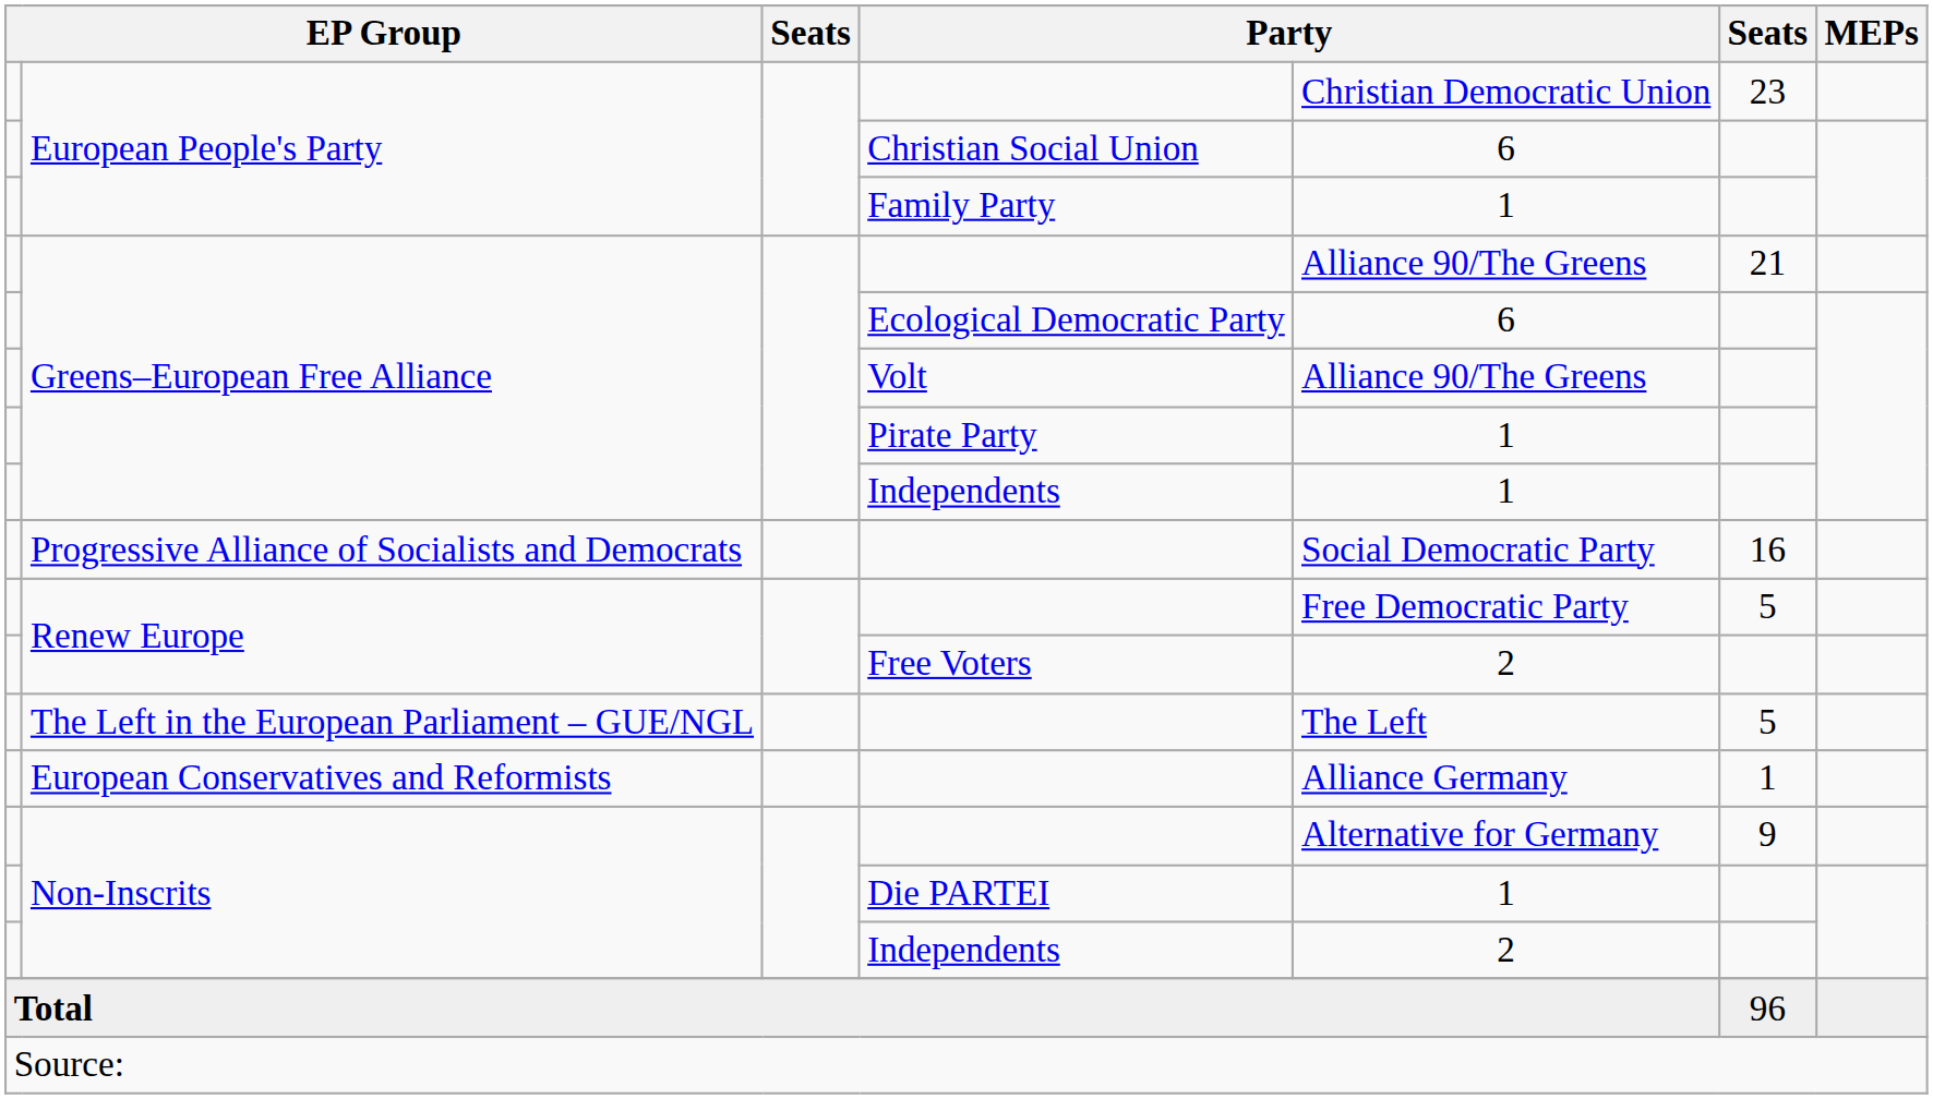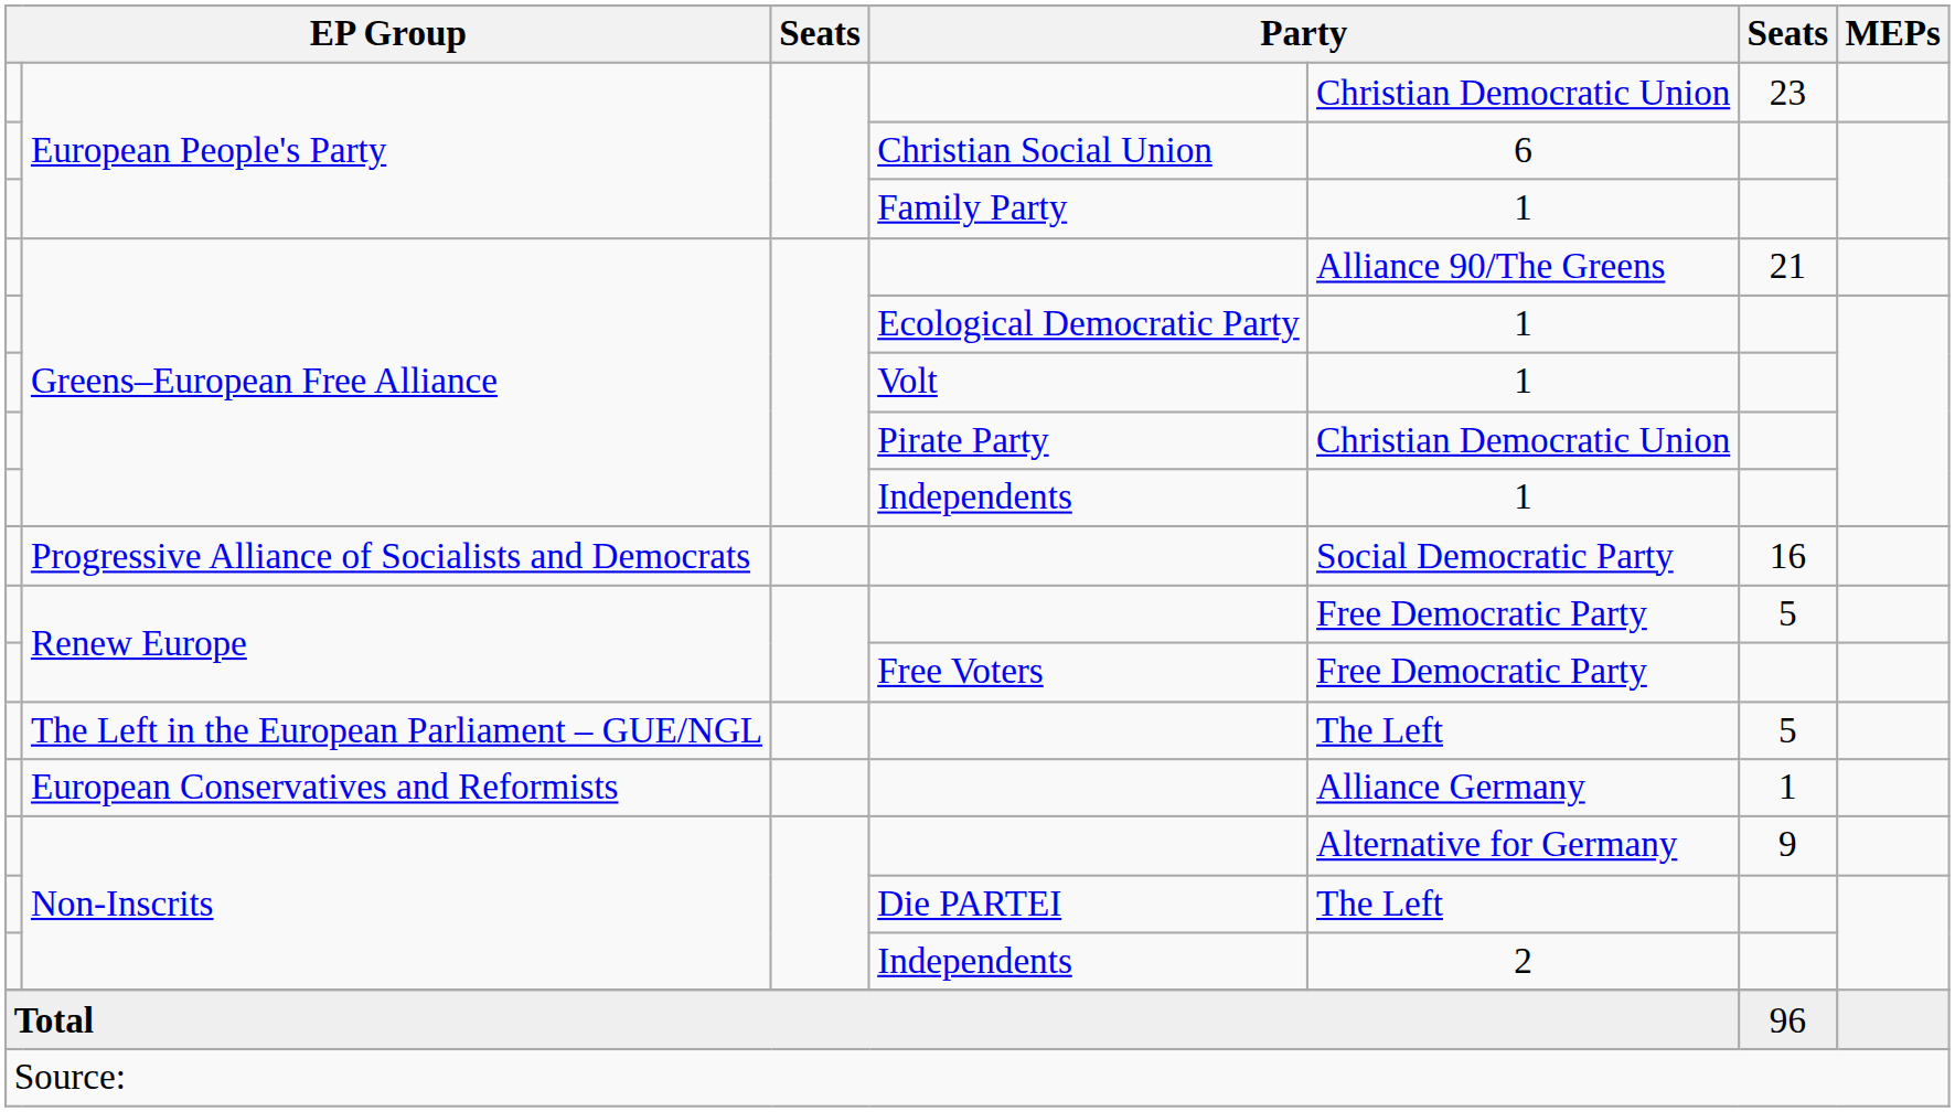 <table class="wikitable">
 <tr>
 <th colspan=2>EP Group</th>
 <th>Seats</th>
 <th colspan=2>Party</th>
 <th>Seats</th>
 <th>MEPs</th>
 </tr>
 <tr>
 <td></td>
 <td rowspan="3"><a href='#'>European People's Party</a></td>
 <td rowspan="3"></td>
 <td style="background:"></td>
 <td><a href='#'>Christian Democratic Union</a></td>
 <td align=center>23</td>
 <td></td>
 </tr>
 <tr>
 <td style="background:"></td>
 <td><a href='#'>Christian Social Union</a></td>
 <td align=center>6</td>
 <td></td>
 </tr>
 <tr>
 <td style="background:"></td>
 <td><a href='#'>Family Party</a></td>
 <td align=center>1</td>
 <td></td>
 </tr>
 <tr>
 <td></td>
 <td rowspan="5"><a href='#'>Greens–European Free Alliance</a></td>
 <td rowspan="5"></td>
 <td style="background:"></td>
 <td><a href='#'>Alliance 90/The Greens</a></td>
 <td align=center>21</td>
 <td></td>
 </tr>
 <tr>
 <td style="background:"></td>
 <td><a href='#'>Ecological Democratic Party</a></td>
-<td align=center>6</td>
+<td align=center>1</td>
 <td></td>
 </tr>
 <tr>
 <td style="background:"></td>
 <td><a href='#'>Volt</a></td>
-<td><a href='#'>Alliance 90/The Greens</a></td>
+<td align=center>1</td>
 <td></td>
 </tr>
 <tr>
 <td style="background:"></td>
 <td><a href='#'>Pirate Party</a></td>
-<td align=center>1</td>
+<td><a href='#'>Christian Democratic Union</a></td>
 <td></td>
 </tr>
 <tr>
 <td style="background:"></td>
 <td><a href='#'>Independents</a></td>
 <td align=center>1</td>
 <td></td>
 </tr>
 <tr>
 <td></td>
 <td><a href='#'>Progressive Alliance of Socialists and Democrats</a></td>
 <td></td>
 <td style="background:"></td>
 <td><a href='#'>Social Democratic Party</a></td>
 <td align=center>16</td>
 <td></td>
 </tr>
 <tr>
 <td></td>
 <td rowspan="2"><a href='#'>Renew Europe</a></td>
 <td rowspan="2"></td>
 <td style="background:"></td>
 <td><a href='#'>Free Democratic Party</a></td>
 <td align=center>5</td>
 <td></td>
 </tr>
 <tr>
 <td style="background:"></td>
 <td><a href='#'>Free Voters</a></td>
-<td align=center>2</td>
+<td><a href='#'>Free Democratic Party</a></td>
 <td></td>
 </tr>
 <tr>
 <td></td>
 <td><a href='#'>The Left in the European Parliament – GUE/NGL</a></td>
 <td></td>
 <td style="background:"></td>
 <td><a href='#'>The Left</a></td>
 <td align=center>5</td>
 <td></td>
 </tr>
 <tr>
 <td></td>
 <td><a href='#'>European Conservatives and Reformists</a></td>
 <td></td>
 <td style="background:"></td>
 <td><a href='#'>Alliance Germany</a></td>
 <td align=center>1</td>
 <td></td>
 </tr>
 <tr>
 <td></td>
 <td rowspan="3"><a href='#'>Non-Inscrits</a></td>
 <td rowspan="3"></td>
 <td style="background:"></td>
 <td><a href='#'>Alternative for Germany</a></td>
 <td align="center">9</td>
 <td></td>
 </tr>
 <tr>
 <td style="background:"></td>
 <td><a href='#'>Die PARTEI</a></td>
-<td align=center>1</td>
+<td><a href='#'>The Left</a></td>
 <td></td>
 </tr>
 <tr>
 <td style="background:"></td>
 <td><a href='#'>Independents</a></td>
 <td align=center>2</td>
 <td></td>
 </tr>
 <tr>
 </tr>
 <tr bgcolor="EFEFEF">
 <td colspan=5 align=left><strong>Total</strong></td>
 <td align=center>96</td>
 <td></td>
 </tr>
 <tr>
 <td colspan="7">Source: </td>
 </tr>
 </table>
